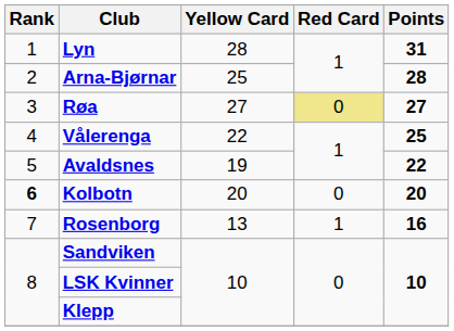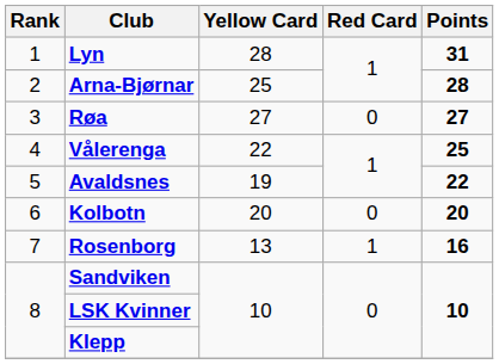 <table class="wikitable sortable" style="text-align:center">
 <tr>
 <th>Rank</th>
 <th>Club</th>
 <th>Yellow Card</th>
 <th>Red Card</th>
 <th>Points</th>
 </tr>
 <tr>
 <td>1</td>
 <td align="left"><strong><a href='#'>Lyn</a></strong></td>
 <td>28</td>
 <td rowspan=2>1</td>
 <td><strong>31</strong></td>
 </tr>
 <tr>
 <td>2</td>
 <td align="left"><strong><a href='#'>Arna-Bjørnar</a></strong></td>
 <td>25</td>
 <td><strong>28</strong></td>
 </tr>
 <tr>
 <td>3</td>
 <td align="left"><strong><a href='#'>Røa</a></strong></td>
 <td>27</td>
-<td style="background: khaki;">0</td>
+<td>0</td>
 <td><strong>27</strong></td>
 </tr>
 <tr>
 <td>4</td>
 <td align="left"><strong><a href='#'>Vålerenga</a></strong></td>
 <td>22</td>
 <td rowspan=2>1</td>
 <td><strong>25</strong></td>
 </tr>
 <tr>
 <td>5</td>
 <td align="left"><strong><a href='#'>Avaldsnes</a></strong></td>
 <td>19</td>
 <td><strong>22</strong></td>
 </tr>
 <tr>
-<td><strong>6</strong></td>
+<td>6</td>
 <td align="left"><strong><a href='#'>Kolbotn</a></strong></td>
 <td>20</td>
 <td>0</td>
 <td><strong>20</strong></td>
 </tr>
 <tr>
 <td>7</td>
 <td align="left"><strong><a href='#'>Rosenborg</a></strong></td>
 <td>13</td>
 <td>1</td>
 <td><strong>16</strong></td>
 </tr>
 <tr>
 <td rowspan=3>8</td>
 <td align="left"><strong><a href='#'>Sandviken</a></strong></td>
 <td rowspan=3>10</td>
 <td rowspan=3>0</td>
 <td rowspan=3><strong>10</strong></td>
 </tr>
 <tr>
 <td align="left"><strong><a href='#'>LSK Kvinner</a></strong></td>
 </tr>
 <tr>
 <td align="left"><strong><a href='#'>Klepp</a></strong></td>
 </tr>
 <tr>
 </tr>
 </table>
